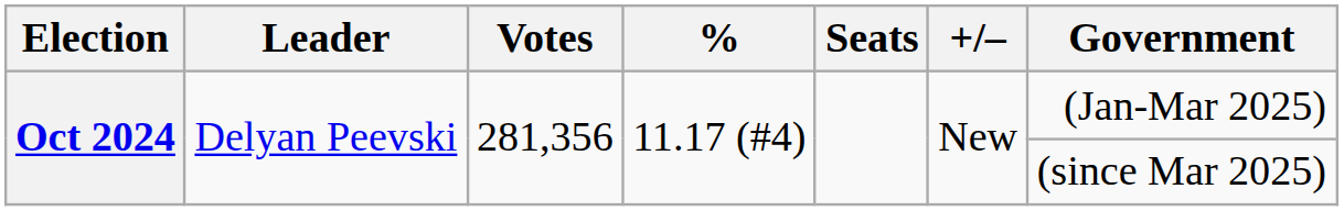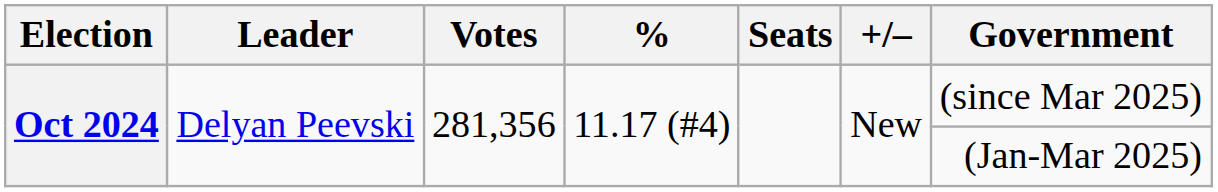 <table class="wikitable" style="text-align:right">
 <tr>
 <th>Election</th>
 <th>Leader</th>
 <th>Votes</th>
 <th>%</th>
 <th>Seats</th>
 <th>+/–</th>
 <th>Government</th>
 </tr>
 <tr>
 <th rowspan="2"><a href='#'>Oct 2024</a></th>
 <td rowspan="2" align="left"><a href='#'>Delyan Peevski</a></td>
 <td rowspan="2">281,356</td>
 <td rowspan="2">11.17 (#4)</td>
 <td rowspan="2"></td>
 <td rowspan="2">New</td>
+<td> (since Mar 2025)</td>
+</tr>
+<tr>
 <td> (Jan-Mar 2025)</td>
 </tr>
-<tr>
-<td> (since Mar 2025)</td>
-</tr>
 </table>
